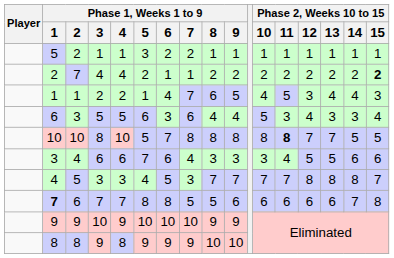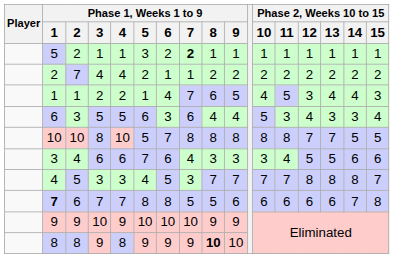 <table class="wikitable">
 <tr style="font-size:10pt;font-weight:bold">
 <th rowspan=2>Player</th>
 <th colspan=9>Phase 1, Weeks 1 to 9</th>
 <th rowspan=12></th>
 <th colspan=6>Phase 2, Weeks 10 to 15</th>
 </tr>
 <tr>
 <th style="width:20px;">1</th>
 <th style="width:20px;">2</th>
 <th style="width:20px;">3</th>
 <th style="width:20px;">4</th>
 <th style="width:20px;">5</th>
 <th style="width:20px;">6</th>
 <th style="width:20px;">7</th>
 <th style="width:20px;">8</th>
 <th style="width:20px;">9</th>
 <th style="width:20px;">10</th>
 <th style="width:20px;">11</th>
 <th style="width:20px;">12</th>
 <th style="width:20px;">13</th>
 <th style="width:20px;">14</th>
 <th style="width:20px;">15</th>
 </tr>
 <tr>
 <td> </td>
 <td style="text-align:center; background:#cccffc;">5</td>
 <td style="text-align:center; background:#cfc;">2</td>
 <td style="text-align:center; background:#cfc;">1</td>
 <td style="text-align:center; background:#cfc;">1</td>
 <td style="text-align:center; background:#cfc;">3</td>
 <td style="text-align:center; background:#cfc;">2</td>
-<td style="text-align:center; background:#cfc;">2</td>
+<td style="text-align:center; background:#cfc;"><strong>2</strong></td>
 <td style="text-align:center; background:#cfc;">1</td>
 <td style="text-align:center; background:#cfc;">1</td>
 <td style="text-align:center; background:#cfc;">1</td>
 <td style="text-align:center; background:#cfc;">1</td>
 <td style="text-align:center; background:#cfc;">1</td>
 <td style="text-align:center; background:#cfc;">1</td>
 <td style="text-align:center; background:#cfc;">1</td>
 <td style="text-align:center; background:#cfc;">1</td>
 </tr>
 <tr>
 <td> </td>
 <td style="text-align:center; background:#cfc;">2</td>
 <td style="text-align:center; background:#cccffc;">7</td>
 <td style="text-align:center; background:#cfc;">4</td>
 <td style="text-align:center; background:#cfc;">4</td>
 <td style="text-align:center; background:#cfc;">2</td>
 <td style="text-align:center; background:#cfc;">1</td>
 <td style="text-align:center; background:#cfc;">1</td>
 <td style="text-align:center; background:#cfc;">2</td>
 <td style="text-align:center; background:#cfc;">2</td>
 <td style="text-align:center; background:#cfc;">2</td>
 <td style="text-align:center; background:#cfc;">2</td>
 <td style="text-align:center; background:#cfc;">2</td>
 <td style="text-align:center; background:#cfc;">2</td>
 <td style="text-align:center; background:#cfc;">2</td>
-<td style="text-align:center; background:#cfc;"><strong>2</strong></td>
+<td style="text-align:center; background:#cfc;">2</td>
 </tr>
 <tr>
 <td> </td>
 <td style="text-align:center; background:#cfc;">1</td>
 <td style="text-align:center; background:#cfc;">1</td>
 <td style="text-align:center; background:#cfc;">2</td>
 <td style="text-align:center; background:#cfc;">2</td>
 <td style="text-align:center; background:#cfc;">1</td>
 <td style="text-align:center; background:#cfc;">4</td>
 <td style="text-align:center; background:#cccffc;">7</td>
 <td style="text-align:center; background:#cccffc;">6</td>
 <td style="text-align:center; background:#cccffc;">5</td>
 <td style="text-align:center; background:#cfc;">4</td>
 <td style="text-align:center; background:#cccffc;">5</td>
 <td style="text-align:center; background:#cfc;">3</td>
 <td style="text-align:center; background:#cfc;">4</td>
 <td style="text-align:center; background:#cfc;">4</td>
 <td style="text-align:center; background:#cfc;">3</td>
 </tr>
 <tr>
 <td> </td>
 <td style="text-align:center; background:#cccffc;">6</td>
 <td style="text-align:center; background:#cfc;">3</td>
 <td style="text-align:center; background:#cccffc;">5</td>
 <td style="text-align:center; background:#cccffc;">5</td>
 <td style="text-align:center; background:#cccffc;">6</td>
 <td style="text-align:center; background:#cfc;">3</td>
 <td style="text-align:center; background:#cccffc;">6</td>
 <td style="text-align:center; background:#cfc;">4</td>
 <td style="text-align:center; background:#cfc;">4</td>
 <td style="text-align:center; background:#cccffc;">5</td>
 <td style="text-align:center; background:#cfc;">3</td>
 <td style="text-align:center; background:#cfc;">4</td>
 <td style="text-align:center; background:#cfc;">3</td>
 <td style="text-align:center; background:#cfc;">3</td>
 <td style="text-align:center; background:#cfc;">4</td>
 </tr>
 <tr>
 <td> </td>
 <td style="text-align:center; background:#fcc;">10</td>
 <td style="text-align:center; background:#fcc;">10</td>
 <td style="text-align:center; background:#cccffc;">8</td>
 <td style="text-align:center; background:#fcc;">10</td>
 <td style="text-align:center; background:#cccffc;">5</td>
 <td style="text-align:center; background:#cccffc;">7</td>
 <td style="text-align:center; background:#cccffc;">8</td>
 <td style="text-align:center; background:#cccffc;">8</td>
 <td style="text-align:center; background:#cccffc;">8</td>
 <td style="text-align:center; background:#cccffc;">8</td>
-<td style="text-align:center; background:#cccffc;"><strong>8</strong></td>
+<td style="text-align:center; background:#cccffc;">8</td>
 <td style="text-align:center; background:#cccffc;">7</td>
 <td style="text-align:center; background:#cccffc;">7</td>
 <td style="text-align:center; background:#cccffc;">5</td>
 <td style="text-align:center; background:#cccffc;">5</td>
 </tr>
 <tr>
 <td></td>
 <td style="text-align:center; background:#cfc;">3</td>
 <td style="text-align:center; background:#cfc;">4</td>
 <td style="text-align:center; background:#cccffc;">6</td>
 <td style="text-align:center; background:#cccffc;">6</td>
 <td style="text-align:center; background:#cccffc;">7</td>
 <td style="text-align:center; background:#cccffc;">6</td>
 <td style="text-align:center; background:#cfc;">4</td>
 <td style="text-align:center; background:#cfc;">3</td>
 <td style ="text-align:center;background:#cfc;">3</td>
 <td style ="text-align:center;background:#cfc;">3</td>
 <td style="text-align:center; background:#cfc;">4</td>
 <td style="text-align:center; background:#cccffc;">5</td>
 <td style="text-align:center; background:#cccffc;">5</td>
 <td style="text-align:center; background:#cccffc;">6</td>
 <td style="text-align:center; background:#cccffc;">6</td>
 </tr>
 <tr>
 <td> </td>
 <td style="text-align:center; background:#cfc;">4</td>
 <td style="text-align:center; background:#cccffc;">5</td>
 <td style="text-align:center; background:#cfc;">3</td>
 <td style="text-align:center; background:#cfc;">3</td>
 <td style="text-align:center; background:#cfc;">4</td>
 <td style="text-align:center; background:#cccffc;">5</td>
 <td style="text-align:center; background:#cfc;">3</td>
 <td style="text-align:center; background:#cccffc;">7</td>
 <td style="text-align:center; background:#cccffc;">7</td>
 <td style="text-align:center; background:#cccffc;">7</td>
 <td style="text-align:center; background:#cccffc;">7</td>
 <td style="text-align:center; background:#cccffc;">8</td>
 <td style="text-align:center; background:#cccffc;">8</td>
 <td style="text-align:center; background:#cccffc;">8</td>
 <td style="text-align:center; background:#cccffc;">7</td>
 </tr>
 <tr>
 <td> </td>
 <td style="text-align:center; background:#cccffc;"><strong>7</strong></td>
 <td style="text-align:center; background:#cccffc;">6</td>
 <td style="text-align:center; background:#cccffc;">7</td>
 <td style="text-align:center; background:#cccffc;">7</td>
 <td style="text-align:center; background:#cccffc;">8</td>
 <td style="text-align:center; background:#cccffc;">8</td>
 <td style="text-align:center; background:#cccffc;">5</td>
 <td style="text-align:center; background:#cccffc;">5</td>
 <td style="text-align:center; background:#cccffc;">6</td>
 <td style="text-align:center; background:#cccffc;">6</td>
 <td style="text-align:center; background:#cccffc;">6</td>
 <td style="text-align:center; background:#cccffc;">6</td>
 <td style="text-align:center; background:#cccffc;">6</td>
 <td style="text-align:center; background:#cccffc;">7</td>
 <td style="text-align:center; background:#cccffc;">8</td>
 </tr>
 <tr>
 <td> </td>
 <td style="text-align:center; background:#fcc;">9</td>
 <td style="text-align:center; background:#fcc;">9</td>
 <td style="text-align:center; background:#fcc;">10</td>
 <td style="text-align:center; background:#fcc;">9</td>
 <td style="text-align:center; background:#fcc;">10</td>
 <td style="text-align:center; background:#fcc;">10</td>
 <td style="text-align:center; background:#fcc;">10</td>
 <td style="text-align:center; background:#fcc;">9</td>
 <td style="text-align:center; background:#fcc;">9</td>
 <td align=center ; rowspan=2; colspan=6; style="background:#fcc;">Eliminated</td>
 </tr>
 <tr>
 <td> </td>
 <td style="text-align:center; background:#cccffc;">8</td>
 <td style="text-align:center; background:#cccffc;">8</td>
 <td style="text-align:center; background:#fcc;">9</td>
 <td style="text-align:center; background:#cccffc;">8</td>
 <td style="text-align:center; background:#fcc;">9</td>
 <td style="text-align:center; background:#fcc;">9</td>
 <td style="text-align:center; background:#fcc;">9</td>
-<td style="text-align:center; background:#fcc;">10</td>
+<td style="text-align:center; background:#fcc;"><strong>10</strong></td>
 <td style="text-align:center; background:#fcc;">10</td>
 </tr>
 </table>
